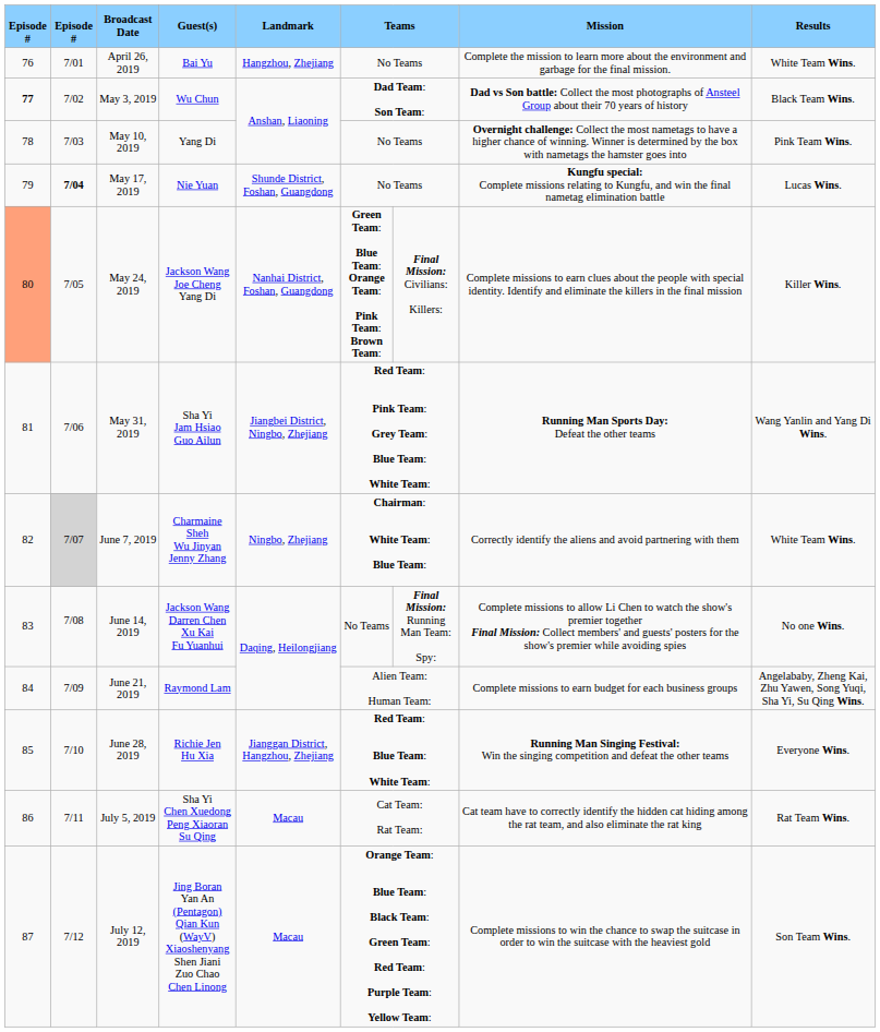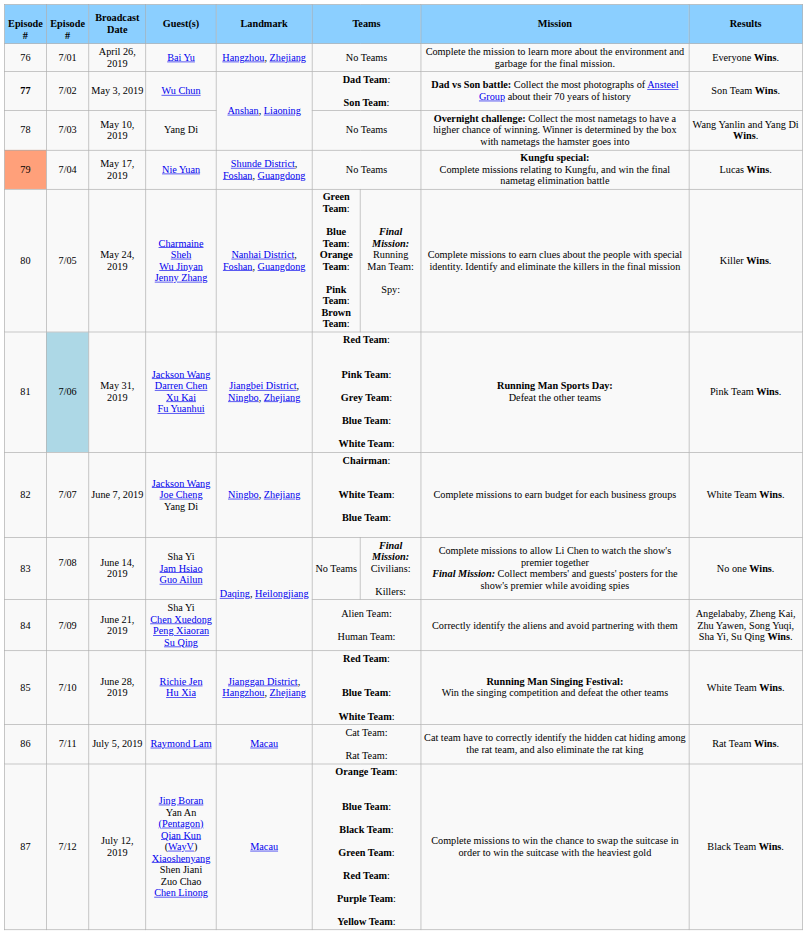 <table class="wikitable">
 <tr>
 <th style="background:#8BCFFF"><br>Episode #</th>
 <th style="background:#8BCFFF"><br>Episode #</th>
 <th style="background:#8BCFFF">Broadcast Date</th>
 <th style="background:#8BCFFF">Guest(s)</th>
 <th style="background:#8BCFFF">Landmark</th>
 <th style="background:#8BCFFF" colspan="2">Teams</th>
 <th style="background:#8BCFFF">Mission</th>
 <th style="background:#8BCFFF; width:170px">Results</th>
 </tr>
 <tr style="text-align:center;">
 <td>76</td>
 <td>7/01<br></td>
 <td>April 26, 2019</td>
 <td><a href='#'>Bai Yu</a></td>
 <td><a href='#'>Hangzhou</a>, <a href='#'>Zhejiang</a></td>
 <td colspan="2">No Teams</td>
 <td>Complete the mission to learn more about the environment and garbage for the final mission.</td>
-<td>White Team <strong>Wins</strong>.<br></td>
+<td>Everyone <strong>Wins</strong>.<br></td>
 </tr>
 <tr style="text-align:center;">
 <td><strong>77</strong></td>
 <td>7/02</td>
 <td>May 3, 2019</td>
 <td><a href='#'>Wu Chun</a></td>
 <td rowspan="2"><a href='#'>Anshan</a>, <a href='#'>Liaoning</a></td>
 <td colspan="2"><span><strong>Dad Team</strong></span>:<br><br><span><strong>Son Team</strong></span>:<br></td>
 <td><strong>Dad vs Son battle:</strong> Collect the most photographs of <a href='#'>Ansteel Group</a> about their 70 years of history</td>
-<td>Black Team <strong>Wins</strong>.<br></td>
+<td>Son Team <strong>Wins</strong>.<br></td>
 </tr>
 <tr style="text-align:center;">
 <td>78</td>
 <td>7/03</td>
 <td>May 10, 2019</td>
 <td>Yang Di</td>
 <td colspan="2">No Teams</td>
 <td><strong>Overnight challenge:</strong> Collect the most nametags to have a higher chance of winning. Winner is determined by the box with nametags the hamster goes into</td>
-<td>Pink Team <strong>Wins</strong>.<br></td>
+<td>Wang Yanlin and Yang Di <strong>Wins</strong>.</td>
 </tr>
 <tr style="text-align:center;">
-<td>79</td>
-<td><strong>7/04</strong></td>
+<td style="background: lightsalmon;">79</td>
+<td>7/04</td>
 <td>May 17, 2019</td>
 <td><a href='#'>Nie Yuan</a></td>
 <td><a href='#'>Shunde District</a>, <a href='#'>Foshan</a>, <a href='#'>Guangdong</a></td>
 <td colspan="2">No Teams</td>
 <td><strong>Kungfu special:</strong><br> Complete missions relating to Kungfu, and win the final nametag elimination battle</td>
 <td>Lucas <strong>Wins</strong>.<br></td>
 </tr>
 <tr style="text-align:center;">
-<td style="background: lightsalmon;">80</td>
+<td>80</td>
 <td>7/05</td>
 <td>May 24, 2019</td>
-<td><a href='#'>Jackson Wang</a><br><a href='#'>Joe Cheng</a><br>Yang Di</td>
+<td><a href='#'>Charmaine Sheh</a><br><a href='#'>Wu Jinyan</a><br><a href='#'>Jenny Zhang</a></td>
 <td><a href='#'>Nanhai District</a>, <a href='#'>Foshan</a>, <a href='#'>Guangdong</a></td>
 <td><span><strong>Green Team</strong></span>:<br><br> <span><strong>Blue Team</strong></span>:<br>  <span><strong>Orange Team</strong></span>:<br> <br> <span><strong>Pink Team</strong></span>:<br>  <span><strong>Brown Team</strong></span>:<br> </td>
-<td><strong><em>Final Mission:</em></strong><br>Civilians:<br><br>Killers:<br></td>
+<td><strong><em>Final Mission:</em></strong><br>Running Man Team:<br><br>Spy:<br></td>
 <td>Complete missions to earn clues about the people with special identity. Identify and eliminate the killers in the final mission</td>
 <td>Killer <strong>Wins</strong>.<br></td>
 </tr>
 <tr style="text-align:center;">
 <td>81</td>
-<td>7/06<br></td>
+<td style="background: lightblue;">7/06<br></td>
 <td>May 31, 2019</td>
-<td>Sha Yi<br><a href='#'>Jam Hsiao</a><br><a href='#'>Guo Ailun</a></td>
+<td><a href='#'>Jackson Wang</a><br><a href='#'>Darren Chen</a><br><a href='#'>Xu Kai</a><br><a href='#'>Fu Yuanhui</a></td>
 <td><a href='#'>Jiangbei District</a>, <a href='#'>Ningbo</a>, <a href='#'>Zhejiang</a></td>
 <td colspan="2"><span><strong>Red Team</strong></span>:<br><br><br> <span><strong>Pink Team</strong></span>:<br> <br> <span><strong>Grey Team</strong></span>:<br> <br> <span><strong>Blue Team</strong></span>:<br> <br> <span><strong>White Team</strong></span>:<br> </td>
 <td><strong>Running Man Sports Day:</strong><br> Defeat the other teams</td>
-<td>Wang Yanlin and Yang Di <strong>Wins</strong>.</td>
+<td>Pink Team <strong>Wins</strong>.<br></td>
 </tr>
 <tr style="text-align:center;">
 <td>82</td>
-<td style="background: lightgrey;">7/07<br></td>
+<td>7/07<br></td>
 <td>June 7, 2019</td>
-<td><a href='#'>Charmaine Sheh</a><br><a href='#'>Wu Jinyan</a><br><a href='#'>Jenny Zhang</a></td>
+<td><a href='#'>Jackson Wang</a><br><a href='#'>Joe Cheng</a><br>Yang Di</td>
 <td><a href='#'>Ningbo</a>, <a href='#'>Zhejiang</a></td>
 <td colspan="2"><span><strong>Chairman</strong></span>:<br><br><br> <span><strong>White Team</strong></span>:<br> <br> <span><strong>Blue Team</strong></span>:<br> <br></td>
-<td>Correctly identify the aliens and avoid partnering with them</td>
+<td>Complete missions to earn budget for each business groups</td>
 <td>White Team <strong>Wins</strong>.<br></td>
 </tr>
 <tr style="text-align:center;">
 <td>83</td>
 <td>7/08<br><br></td>
 <td>June 14, 2019</td>
-<td><a href='#'>Jackson Wang</a><br><a href='#'>Darren Chen</a><br><a href='#'>Xu Kai</a><br><a href='#'>Fu Yuanhui</a></td>
+<td>Sha Yi<br><a href='#'>Jam Hsiao</a><br><a href='#'>Guo Ailun</a></td>
 <td rowspan="2"><a href='#'>Daqing</a>, <a href='#'>Heilongjiang</a></td>
 <td>No Teams</td>
-<td><strong><em>Final Mission:</em></strong><br>Running Man Team:<br><br>Spy:<br></td>
+<td><strong><em>Final Mission:</em></strong><br>Civilians:<br><br>Killers:<br></td>
 <td>Complete missions to allow Li Chen to watch the show's premier together<br><strong><em>Final Mission:</em></strong> Collect members' and guests' posters for the show's premier while avoiding spies</td>
 <td>No one <strong>Wins</strong>.<br></td>
 </tr>
 <tr style="text-align:center;">
 <td>84</td>
 <td>7/09<br></td>
 <td>June 21, 2019</td>
-<td><a href='#'>Raymond Lam</a></td>
+<td>Sha Yi<br><a href='#'>Chen Xuedong</a><br><a href='#'>Peng Xiaoran</a><br><a href='#'>Su Qing</a></td>
 <td colspan="2">Alien Team:<br><br>Human Team:<br></td>
-<td>Complete missions to earn budget for each business groups</td>
+<td>Correctly identify the aliens and avoid partnering with them</td>
 <td>Angelababy, Zheng Kai, Zhu Yawen, Song Yuqi, Sha Yi, Su Qing <strong>Wins</strong>.<br></td>
 </tr>
 <tr style="text-align:center;">
 <td>85</td>
 <td>7/10<br></td>
 <td>June 28, 2019</td>
 <td><a href='#'>Richie Jen</a><br><a href='#'>Hu Xia</a></td>
 <td><a href='#'>Jianggan District</a>, <a href='#'>Hangzhou</a>, <a href='#'>Zhejiang</a></td>
 <td colspan="2"><span><strong>Red Team</strong></span>:<br><br><br> <span><strong>Blue Team</strong></span>:<br> <br> <span><strong>White Team</strong></span>:<br> </td>
 <td><strong>Running Man Singing Festival:</strong><br>Win the singing competition and defeat the other teams</td>
-<td>Everyone <strong>Wins</strong>.<br></td>
+<td>White Team <strong>Wins</strong>.<br></td>
 </tr>
 <tr style="text-align:center;">
 <td>86</td>
 <td>7/11<br></td>
 <td>July 5, 2019</td>
-<td>Sha Yi<br><a href='#'>Chen Xuedong</a><br><a href='#'>Peng Xiaoran</a><br><a href='#'>Su Qing</a></td>
+<td><a href='#'>Raymond Lam</a></td>
 <td><a href='#'>Macau</a></td>
 <td colspan="2">Cat Team:<br><br>Rat Team:<br></td>
 <td>Cat team have to correctly identify the hidden cat hiding among the rat team, and also eliminate the rat king</td>
 <td>Rat Team <strong>Wins</strong>.<br></td>
 </tr>
 <tr style="text-align:center;">
 <td>87</td>
 <td>7/12</td>
 <td>July 12, 2019</td>
 <td><a href='#'>Jing Boran</a><br>Yan An <a href='#'>(Pentagon)</a><br><a href='#'>Qian Kun</a> (<a href='#'>WayV</a>)<br><a href='#'>Xiaoshenyang</a><br>Shen Jiani<br>Zuo Chao<br><a href='#'>Chen Linong</a></td>
 <td><a href='#'>Macau</a></td>
 <td colspan="2"><span><strong>Orange Team</strong></span>:<br><br><br> <span><strong>Blue Team</strong></span>:<br> <br> <span><strong>Black Team</strong></span>:<br> <br> <span><strong>Green Team</strong></span>:<br> <br> <span><strong>Red Team</strong></span>:<br> <br> <span><strong>Purple Team</strong></span>:<br> <br> <span><strong>Yellow Team</strong></span>:<br> </td>
 <td>Complete missions to win the chance to swap the suitcase in order to win the suitcase with the heaviest gold</td>
-<td>Son Team <strong>Wins</strong>.<br></td>
+<td>Black Team <strong>Wins</strong>.<br></td>
 </tr>
 </table>
